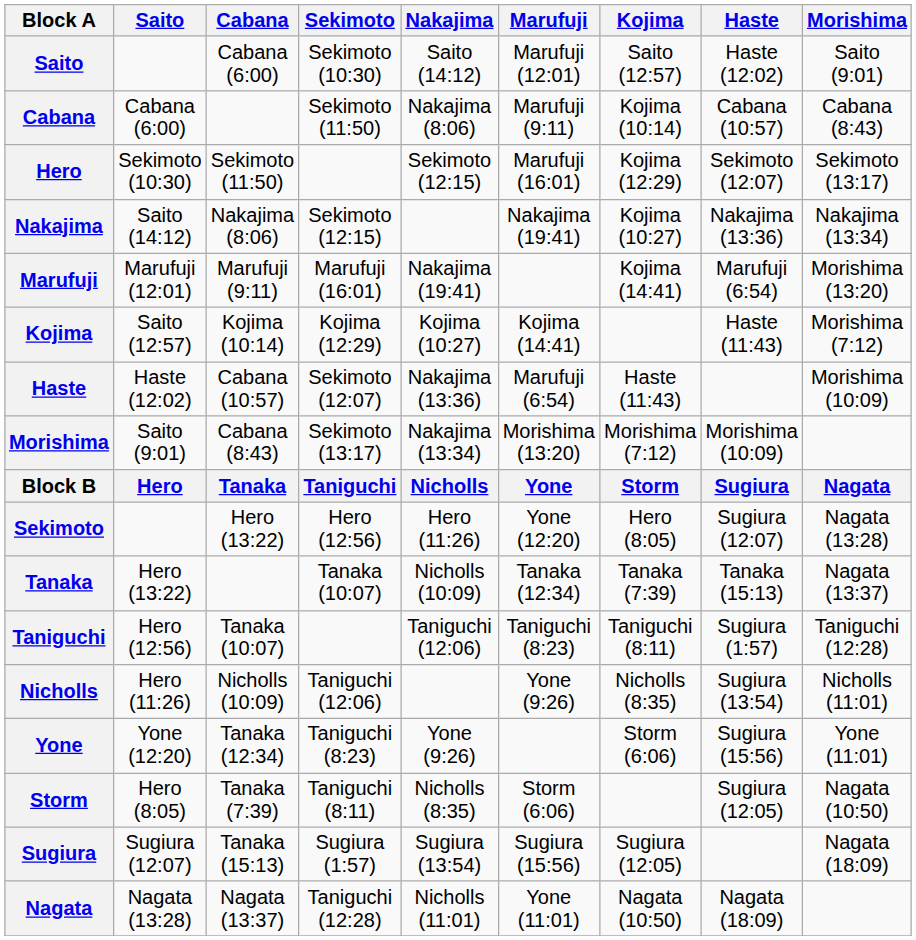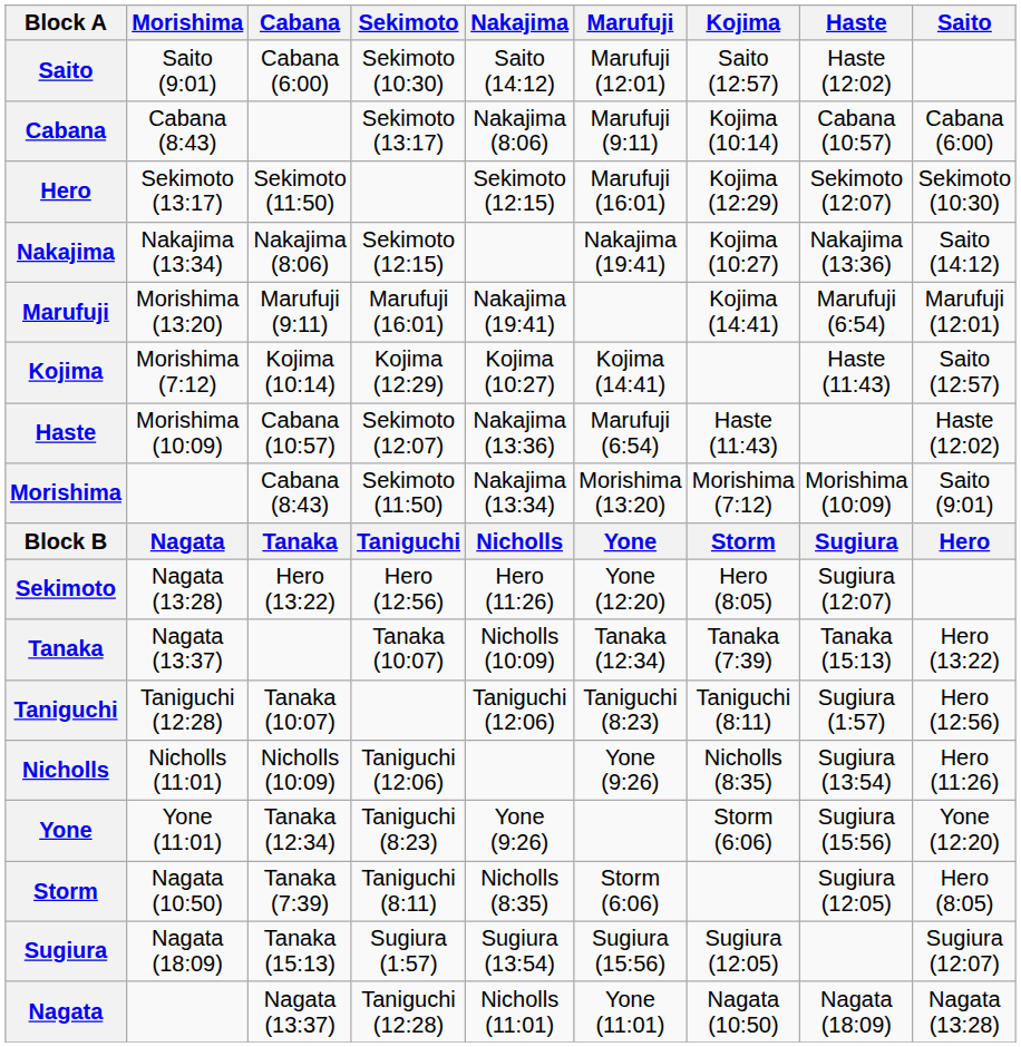 <table class="wikitable" style="margin: 1em auto 1em auto;text-align:center">
 <tr>
 <th>Block A</th>
-<th><a href='#'>Saito</a></th>
+<th><a href='#'>Morishima</a></th>
 <th><a href='#'>Cabana</a></th>
 <th><a href='#'>Sekimoto</a></th>
 <th><a href='#'>Nakajima</a></th>
 <th><a href='#'>Marufuji</a></th>
 <th><a href='#'>Kojima</a></th>
 <th><a href='#'>Haste</a></th>
-<th><a href='#'>Morishima</a></th>
+<th><a href='#'>Saito</a></th>
 </tr>
 <tr>
 <th><a href='#'>Saito</a></th>
-<td></td>
+<td>Saito<br>(9:01)</td>
 <td>Cabana<br>(6:00)</td>
 <td>Sekimoto<br>(10:30)</td>
 <td>Saito<br>(14:12)</td>
 <td>Marufuji<br>(12:01)</td>
 <td>Saito<br>(12:57)</td>
 <td>Haste<br>(12:02)</td>
-<td>Saito<br>(9:01)</td>
+<td></td>
 </tr>
 <tr>
 <th><a href='#'>Cabana</a></th>
-<td>Cabana<br>(6:00)</td>
+<td>Cabana<br>(8:43)</td>
 <td></td>
-<td>Sekimoto<br>(11:50)</td>
+<td>Sekimoto<br>(13:17)</td>
 <td>Nakajima<br>(8:06)</td>
 <td>Marufuji<br>(9:11)</td>
 <td>Kojima<br>(10:14)</td>
 <td>Cabana<br>(10:57)</td>
-<td>Cabana<br>(8:43)</td>
+<td>Cabana<br>(6:00)</td>
 </tr>
 <tr>
 <th><a href='#'>Hero</a></th>
-<td>Sekimoto<br>(10:30)</td>
+<td>Sekimoto<br>(13:17)</td>
 <td>Sekimoto<br>(11:50)</td>
 <td></td>
 <td>Sekimoto<br>(12:15)</td>
 <td>Marufuji<br>(16:01)</td>
 <td>Kojima<br>(12:29)</td>
 <td>Sekimoto<br>(12:07)</td>
-<td>Sekimoto<br>(13:17)</td>
+<td>Sekimoto<br>(10:30)</td>
 </tr>
 <tr>
 <th><a href='#'>Nakajima</a></th>
-<td>Saito<br>(14:12)</td>
+<td>Nakajima<br>(13:34)</td>
 <td>Nakajima<br>(8:06)</td>
 <td>Sekimoto<br>(12:15)</td>
 <td></td>
 <td>Nakajima<br>(19:41)</td>
 <td>Kojima<br>(10:27)</td>
 <td>Nakajima<br>(13:36)</td>
-<td>Nakajima<br>(13:34)</td>
+<td>Saito<br>(14:12)</td>
 </tr>
 <tr>
 <th><a href='#'>Marufuji</a></th>
-<td>Marufuji<br>(12:01)</td>
+<td>Morishima<br>(13:20)</td>
 <td>Marufuji<br>(9:11)</td>
 <td>Marufuji<br>(16:01)</td>
 <td>Nakajima<br>(19:41)</td>
 <td></td>
 <td>Kojima<br>(14:41)</td>
 <td>Marufuji<br>(6:54)</td>
-<td>Morishima<br>(13:20)</td>
+<td>Marufuji<br>(12:01)</td>
 </tr>
 <tr>
 <th><a href='#'>Kojima</a></th>
-<td>Saito<br>(12:57)</td>
+<td>Morishima<br>(7:12)</td>
 <td>Kojima<br>(10:14)</td>
 <td>Kojima<br>(12:29)</td>
 <td>Kojima<br>(10:27)</td>
 <td>Kojima<br>(14:41)</td>
 <td></td>
 <td>Haste<br>(11:43)</td>
-<td>Morishima<br>(7:12)</td>
+<td>Saito<br>(12:57)</td>
 </tr>
 <tr>
 <th><a href='#'>Haste</a></th>
-<td>Haste<br>(12:02)</td>
+<td>Morishima<br>(10:09)</td>
 <td>Cabana<br>(10:57)</td>
 <td>Sekimoto<br>(12:07)</td>
 <td>Nakajima<br>(13:36)</td>
 <td>Marufuji<br>(6:54)</td>
 <td>Haste<br>(11:43)</td>
 <td></td>
-<td>Morishima<br>(10:09)</td>
+<td>Haste<br>(12:02)</td>
 </tr>
 <tr>
 <th><a href='#'>Morishima</a></th>
-<td>Saito<br>(9:01)</td>
+<td></td>
 <td>Cabana<br>(8:43)</td>
-<td>Sekimoto<br>(13:17)</td>
+<td>Sekimoto<br>(11:50)</td>
 <td>Nakajima<br>(13:34)</td>
 <td>Morishima<br>(13:20)</td>
 <td>Morishima<br>(7:12)</td>
 <td>Morishima<br>(10:09)</td>
-<td></td>
+<td>Saito<br>(9:01)</td>
 </tr>
 <tr>
 <th>Block B</th>
-<th><a href='#'>Hero</a></th>
+<th><a href='#'>Nagata</a></th>
 <th><a href='#'>Tanaka</a></th>
 <th><a href='#'>Taniguchi</a></th>
 <th><a href='#'>Nicholls</a></th>
 <th><a href='#'>Yone</a></th>
 <th><a href='#'>Storm</a></th>
 <th><a href='#'>Sugiura</a></th>
-<th><a href='#'>Nagata</a></th>
+<th><a href='#'>Hero</a></th>
 </tr>
 <tr>
 <th><a href='#'>Sekimoto</a></th>
-<td></td>
+<td>Nagata<br>(13:28)</td>
 <td>Hero<br>(13:22)</td>
 <td>Hero<br>(12:56)</td>
 <td>Hero<br>(11:26)</td>
 <td>Yone<br>(12:20)</td>
 <td>Hero<br>(8:05)</td>
 <td>Sugiura<br>(12:07)</td>
-<td>Nagata<br>(13:28)</td>
+<td></td>
 </tr>
 <tr>
 <th><a href='#'>Tanaka</a></th>
-<td>Hero<br>(13:22)</td>
+<td>Nagata<br>(13:37)</td>
 <td></td>
 <td>Tanaka<br>(10:07)</td>
 <td>Nicholls<br>(10:09)</td>
 <td>Tanaka<br>(12:34)</td>
 <td>Tanaka<br>(7:39)</td>
 <td>Tanaka<br>(15:13)</td>
-<td>Nagata<br>(13:37)</td>
+<td>Hero<br>(13:22)</td>
 </tr>
 <tr>
 <th><a href='#'>Taniguchi</a></th>
-<td>Hero<br>(12:56)</td>
+<td>Taniguchi<br>(12:28)</td>
 <td>Tanaka<br>(10:07)</td>
 <td></td>
 <td>Taniguchi<br>(12:06)</td>
 <td>Taniguchi<br>(8:23)</td>
 <td>Taniguchi<br>(8:11)</td>
 <td>Sugiura<br>(1:57)</td>
-<td>Taniguchi<br>(12:28)</td>
+<td>Hero<br>(12:56)</td>
 </tr>
 <tr>
 <th><a href='#'>Nicholls</a></th>
-<td>Hero<br>(11:26)</td>
+<td>Nicholls<br>(11:01)</td>
 <td>Nicholls<br>(10:09)</td>
 <td>Taniguchi<br>(12:06)</td>
 <td></td>
 <td>Yone<br>(9:26)</td>
 <td>Nicholls<br>(8:35)</td>
 <td>Sugiura<br>(13:54)</td>
-<td>Nicholls<br>(11:01)</td>
+<td>Hero<br>(11:26)</td>
 </tr>
 <tr>
 <th><a href='#'>Yone</a></th>
-<td>Yone<br>(12:20)</td>
+<td>Yone<br>(11:01)</td>
 <td>Tanaka<br>(12:34)</td>
 <td>Taniguchi<br>(8:23)</td>
 <td>Yone<br>(9:26)</td>
 <td></td>
 <td>Storm<br>(6:06)</td>
 <td>Sugiura<br>(15:56)</td>
-<td>Yone<br>(11:01)</td>
+<td>Yone<br>(12:20)</td>
 </tr>
 <tr>
 <th><a href='#'>Storm</a></th>
-<td>Hero<br>(8:05)</td>
+<td>Nagata<br>(10:50)</td>
 <td>Tanaka<br>(7:39)</td>
 <td>Taniguchi<br>(8:11)</td>
 <td>Nicholls<br>(8:35)</td>
 <td>Storm<br>(6:06)</td>
 <td></td>
 <td>Sugiura<br>(12:05)</td>
-<td>Nagata<br>(10:50)</td>
+<td>Hero<br>(8:05)</td>
 </tr>
 <tr>
 <th><a href='#'>Sugiura</a></th>
-<td>Sugiura<br>(12:07)</td>
+<td>Nagata<br>(18:09)</td>
 <td>Tanaka<br>(15:13)</td>
 <td>Sugiura<br>(1:57)</td>
 <td>Sugiura<br>(13:54)</td>
 <td>Sugiura<br>(15:56)</td>
 <td>Sugiura<br>(12:05)</td>
 <td></td>
-<td>Nagata<br>(18:09)</td>
+<td>Sugiura<br>(12:07)</td>
 </tr>
 <tr>
 <th><a href='#'>Nagata</a></th>
-<td>Nagata<br>(13:28)</td>
+<td></td>
 <td>Nagata<br>(13:37)</td>
 <td>Taniguchi<br>(12:28)</td>
 <td>Nicholls<br>(11:01)</td>
 <td>Yone<br>(11:01)</td>
 <td>Nagata<br>(10:50)</td>
 <td>Nagata<br>(18:09)</td>
-<td></td>
+<td>Nagata<br>(13:28)</td>
 </tr>
 </table>
